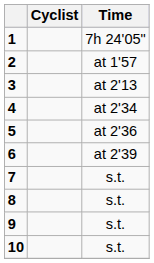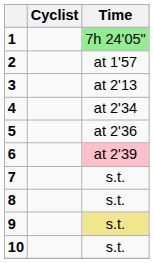 <table class="wikitable">
 <tr style="background:#ccccff;">
 <th></th>
 <th>Cyclist</th>
 <th>Time</th>
 </tr>
 <tr>
 <td><strong>1</strong></td>
 <td></td>
-<td align=center>7h 24'05"</td>
+<td align=center style="background: lightgreen;">7h 24'05"</td>
 </tr>
 <tr>
 <td><strong>2</strong></td>
 <td></td>
 <td align=center>at 1'57</td>
 </tr>
 <tr>
 <td><strong>3</strong></td>
 <td></td>
 <td align=center>at 2'13</td>
 </tr>
 <tr>
 <td><strong>4</strong></td>
 <td></td>
 <td align=center>at 2'34</td>
 </tr>
 <tr>
 <td><strong>5</strong></td>
 <td></td>
 <td align=center>at 2'36</td>
 </tr>
 <tr>
 <td><strong>6</strong></td>
 <td></td>
-<td align=center>at 2'39</td>
+<td align=center style="background: pink;">at 2'39</td>
 </tr>
 <tr>
 <td><strong>7</strong></td>
 <td></td>
 <td align=center>s.t.</td>
 </tr>
 <tr>
 <td><strong>8</strong></td>
 <td></td>
 <td align=center>s.t.</td>
 </tr>
 <tr>
 <td><strong>9</strong></td>
 <td></td>
-<td align=center>s.t.</td>
+<td align=center style="background: khaki;">s.t.</td>
 </tr>
 <tr>
 <td><strong>10</strong></td>
 <td></td>
 <td align=center>s.t.</td>
 </tr>
 <tr>
 </tr>
 </table>
